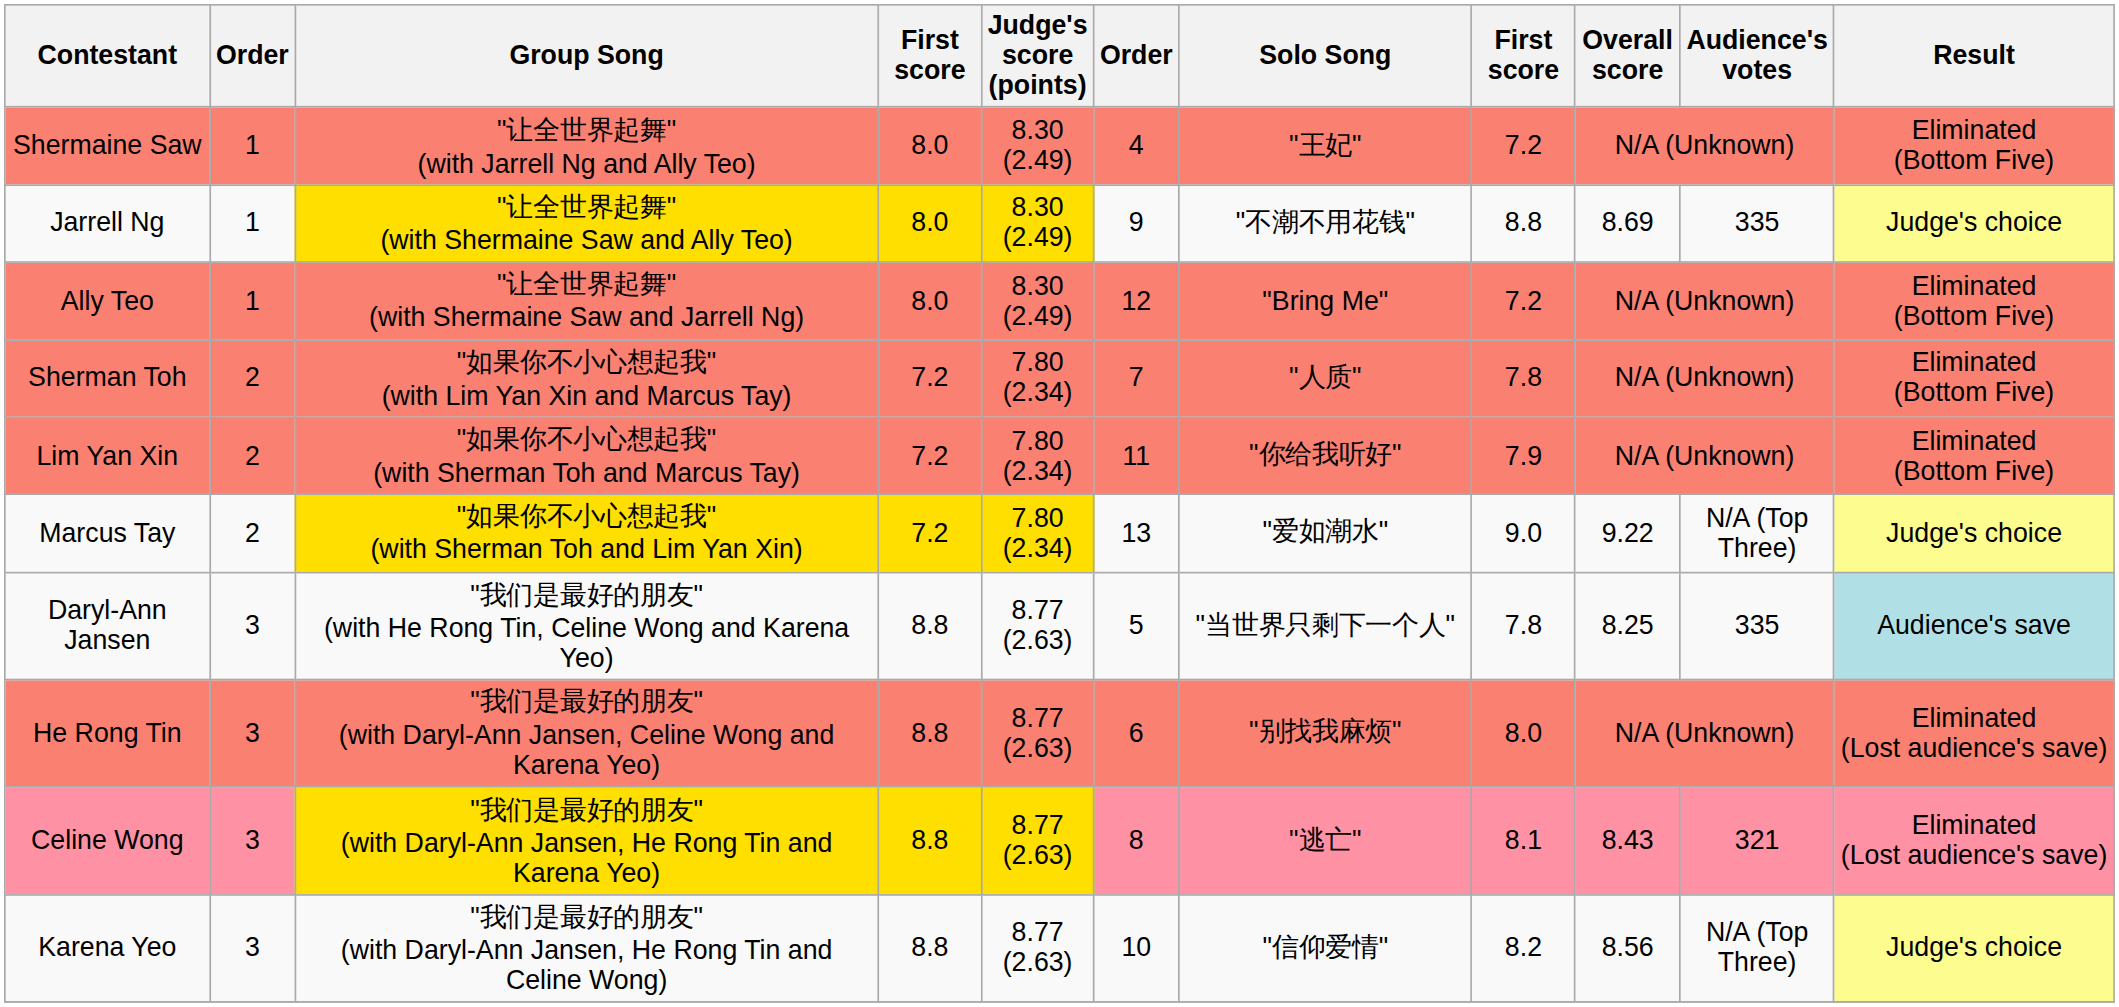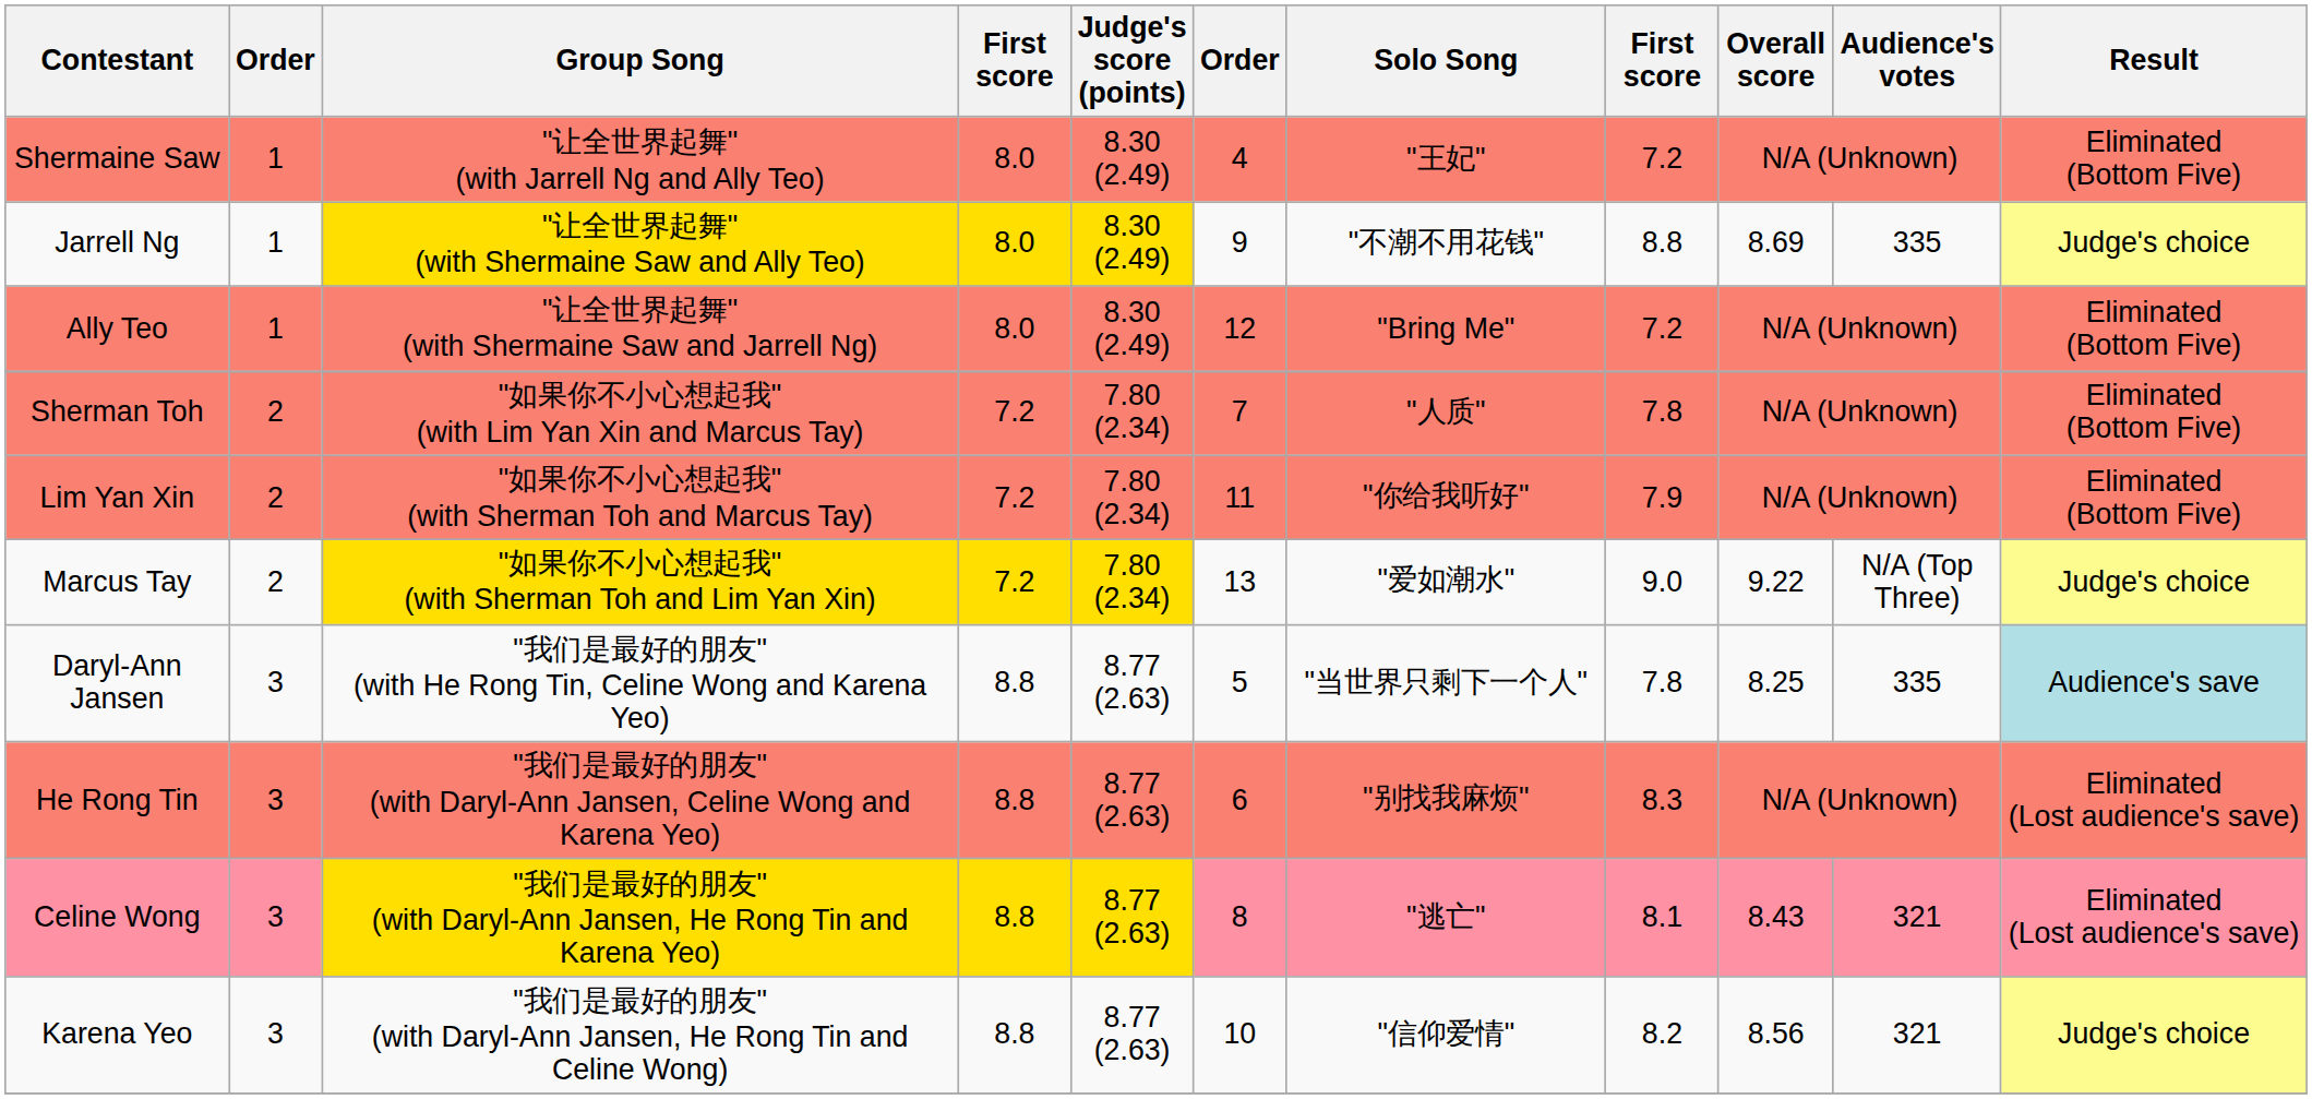 <table class="wikitable" style="text-align:center; width:100%;">
 <tr>
 <th scope="col" style="width:10%;">Contestant</th>
 <th scope="col" style="width:3%;">Order</th>
 <th scope="col" style="width:30%;">Group Song</th>
 <th scope="col" style="width:5%;">First score</th>
 <th scope="col" style="width:5%;">Judge's score (points)</th>
 <th scope="col" style="width:3%;">Order</th>
 <th scope="col" style="width:15%;">Solo Song</th>
 <th scope="col" style="width:5%;">First score</th>
 <th scope="col" style="width:5%;">Overall score</th>
 <th scope="col" style="width:5%;">Audience's votes</th>
 <th scope="col" style="width:14%;">Result</th>
 </tr>
 <tr style="background:salmon;">
 <td>Shermaine Saw</td>
 <td>1</td>
 <td>"让全世界起舞" <br>(with Jarrell Ng and Ally Teo)</td>
 <td>8.0</td>
 <td>8.30<br>(2.49)</td>
 <td>4</td>
 <td>"王妃"</td>
 <td>7.2</td>
 <td colspan="2">N/A (Unknown)</td>
 <td>Eliminated<br>(Bottom Five)</td>
 </tr>
 <tr>
 <td>Jarrell Ng</td>
 <td>1</td>
 <td style="background:#fedf00;">"让全世界起舞" <br>(with Shermaine Saw and Ally Teo)</td>
 <td style="background:#fedf00;">8.0</td>
 <td style="background:#fedf00;">8.30<br>(2.49)</td>
 <td>9</td>
 <td>"不潮不用花钱"</td>
 <td>8.8</td>
 <td>8.69</td>
 <td>335</td>
 <td style="background:#fdfc8f;">Judge's choice</td>
 </tr>
 <tr style="background:salmon;">
 <td>Ally Teo</td>
 <td>1</td>
 <td>"让全世界起舞" <br>(with Shermaine Saw and Jarrell Ng)</td>
 <td>8.0</td>
 <td>8.30<br>(2.49)</td>
 <td>12</td>
 <td>"Bring Me"</td>
 <td>7.2</td>
 <td colspan="2">N/A (Unknown)</td>
 <td>Eliminated<br>(Bottom Five)</td>
 </tr>
 <tr>
 </tr>
 <tr style="background:salmon;">
 <td>Sherman Toh</td>
 <td>2</td>
 <td>"如果你不小心想起我" <br>(with Lim Yan Xin and Marcus Tay)</td>
 <td>7.2</td>
 <td>7.80<br>(2.34)</td>
 <td>7</td>
 <td>"人质"</td>
 <td>7.8</td>
 <td colspan="2">N/A (Unknown)</td>
 <td>Eliminated<br>(Bottom Five)</td>
 </tr>
 <tr style="background:salmon;">
 <td>Lim Yan Xin</td>
 <td>2</td>
 <td>"如果你不小心想起我" <br>(with Sherman Toh and Marcus Tay)</td>
 <td>7.2</td>
 <td>7.80<br>(2.34)</td>
 <td>11</td>
 <td>"你给我听好"</td>
 <td>7.9</td>
 <td colspan="2">N/A (Unknown)</td>
 <td>Eliminated<br>(Bottom Five)</td>
 </tr>
 <tr>
 <td>Marcus Tay</td>
 <td>2</td>
 <td style="background:#fedf00;">"如果你不小心想起我"<br>(with Sherman Toh and Lim Yan Xin)</td>
 <td style="background:#fedf00;">7.2</td>
 <td style="background:#fedf00;">7.80<br>(2.34)</td>
 <td>13</td>
 <td>"爱如潮水"</td>
 <td>9.0</td>
 <td>9.22</td>
 <td>N/A (Top Three)</td>
 <td style="background:#fdfc8f;">Judge's choice</td>
 </tr>
 <tr>
 <td>Daryl-Ann Jansen</td>
 <td>3</td>
 <td>"我们是最好的朋友"<br>(with He Rong Tin, Celine Wong and Karena Yeo)</td>
 <td>8.8</td>
 <td>8.77<br>(2.63)</td>
 <td>5</td>
 <td>"当世界只剩下一个人"</td>
 <td>7.8</td>
 <td>8.25</td>
 <td>335</td>
 <td style="background:#B0E0E6;">Audience's save</td>
 </tr>
 <tr style="background:salmon;">
 <td>He Rong Tin</td>
 <td>3</td>
 <td>"我们是最好的朋友"<br>(with Daryl-Ann Jansen, Celine Wong and Karena Yeo)</td>
 <td>8.8</td>
 <td>8.77<br>(2.63)</td>
 <td>6</td>
 <td>"别找我麻烦"</td>
-<td>8.0</td>
+<td>8.3</td>
 <td colspan="2">N/A (Unknown)</td>
 <td>Eliminated<br>(Lost audience's save)</td>
 </tr>
 <tr style="background:#FF91A4;">
 <td>Celine Wong</td>
 <td>3</td>
 <td style="background:#fedf00;">"我们是最好的朋友"<br>(with Daryl-Ann Jansen, He Rong Tin and Karena Yeo)</td>
 <td style="background:#fedf00;">8.8</td>
 <td style="background:#fedf00;">8.77<br>(2.63)</td>
 <td>8</td>
 <td>"逃亡"</td>
 <td>8.1</td>
 <td>8.43</td>
 <td>321</td>
 <td>Eliminated<br>(Lost audience's save)</td>
 </tr>
 <tr>
 <td>Karena Yeo</td>
 <td>3</td>
 <td>"我们是最好的朋友"<br>(with Daryl-Ann Jansen, He Rong Tin and Celine Wong)</td>
 <td>8.8</td>
 <td>8.77<br>(2.63)</td>
 <td>10</td>
 <td>"信仰爱情"</td>
 <td>8.2</td>
 <td>8.56</td>
-<td>N/A (Top Three)</td>
+<td>321</td>
 <td style="background:#fdfc8f;">Judge's choice</td>
 </tr>
 <tr>
 </tr>
 </table>
